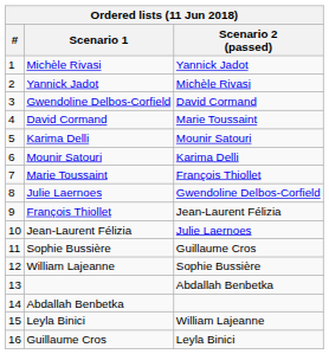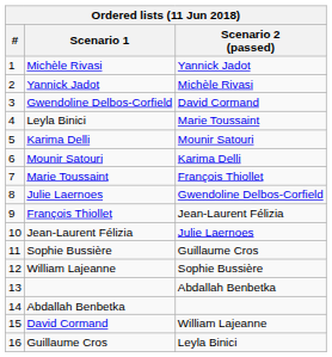 <table class="wikitable mw-collapsible mw-collapsed" style="font-size:90%; float:right; padding:5px">
 <tr>
 <th colspan="3">Ordered lists (11 Jun 2018)</th>
 </tr>
 <tr>
 <th>#</th>
 <th>Scenario 1</th>
 <th>Scenario 2<br>(passed)</th>
 </tr>
 <tr>
 <td>1</td>
 <td><a href='#'>Michèle Rivasi</a></td>
 <td><a href='#'>Yannick Jadot</a></td>
 </tr>
 <tr>
 <td>2</td>
 <td><a href='#'>Yannick Jadot</a></td>
 <td><a href='#'>Michèle Rivasi</a></td>
 </tr>
 <tr>
 <td>3</td>
 <td><a href='#'>Gwendoline Delbos-Corfield</a></td>
 <td><a href='#'>David Cormand</a></td>
 </tr>
 <tr>
 <td>4</td>
-<td><a href='#'>David Cormand</a></td>
+<td>Leyla Binici</td>
 <td><a href='#'>Marie Toussaint</a></td>
 </tr>
 <tr>
 <td>5</td>
 <td><a href='#'>Karima Delli</a></td>
 <td><a href='#'>Mounir Satouri</a></td>
 </tr>
 <tr>
 <td>6</td>
 <td><a href='#'>Mounir Satouri</a></td>
 <td><a href='#'>Karima Delli</a></td>
 </tr>
 <tr>
 <td>7</td>
 <td><a href='#'>Marie Toussaint</a></td>
 <td><a href='#'>François Thiollet</a></td>
 </tr>
 <tr>
 <td>8</td>
 <td><a href='#'>Julie Laernoes</a></td>
 <td><a href='#'>Gwendoline Delbos-Corfield</a></td>
 </tr>
 <tr>
 <td>9</td>
 <td><a href='#'>François Thiollet</a></td>
 <td>Jean-Laurent Félizia</td>
 </tr>
 <tr>
 <td>10</td>
 <td>Jean-Laurent Félizia</td>
 <td><a href='#'>Julie Laernoes</a></td>
 </tr>
 <tr>
 <td>11</td>
 <td>Sophie Bussière</td>
 <td>Guillaume Cros</td>
 </tr>
 <tr>
 <td>12</td>
 <td>William Lajeanne</td>
 <td>Sophie Bussière</td>
 </tr>
 <tr>
 <td>13</td>
 <td></td>
 <td>Abdallah Benbetka</td>
 </tr>
 <tr>
 <td>14</td>
 <td>Abdallah Benbetka</td>
 <td></td>
 </tr>
 <tr>
 <td>15</td>
-<td>Leyla Binici</td>
+<td><a href='#'>David Cormand</a></td>
 <td>William Lajeanne</td>
 </tr>
 <tr>
 <td>16</td>
 <td>Guillaume Cros</td>
 <td>Leyla Binici</td>
 </tr>
 </table>
